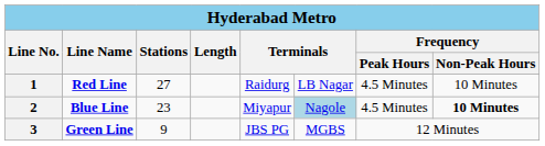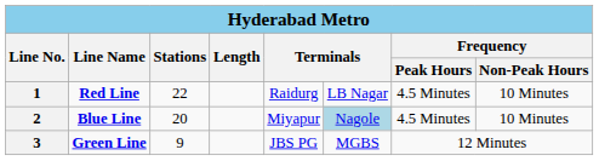 <table class="wikitable sortable" align="center" style="text-align:center; style="font-size:85%;margin:auto">
 <tr>
 <th colspan="8" style="background:skyBlue;"><strong><big>Hyderabad Metro</big></strong></th>
 </tr>
 <tr>
 <th rowspan="2">Line No.</th>
 <th rowspan="2">Line Name</th>
 <th rowspan="2">Stations</th>
 <th rowspan="2">Length</th>
 <th colspan="2" rowspan="2">Terminals</th>
 <th colspan="2">Frequency</th>
 </tr>
 <tr>
 <th>Peak Hours</th>
 <th>Non-Peak Hours</th>
 </tr>
 <tr>
 <th><strong>1</strong></th>
 <td style="background:#"><a href='#'><span><strong>Red Line</strong></span></a></td>
-<td>27</td>
+<td>22</td>
 <td></td>
 <td><a href='#'>Raidurg</a></td>
 <td><a href='#'>LB Nagar</a></td>
 <td>4.5 Minutes</td>
 <td>10 Minutes</td>
 </tr>
 <tr>
 <th><strong>2</strong></th>
 <td style="background:#"><a href='#'><span><strong>Blue Line</strong></span></a></td>
-<td>23</td>
+<td>20</td>
 <td></td>
 <td><a href='#'>Miyapur</a></td>
 <td style="background: lightblue;"><a href='#'>Nagole</a></td>
 <td>4.5 Minutes</td>
-<td><strong>10 Minutes</strong></td>
+<td>10 Minutes</td>
 </tr>
 <tr>
 <th><strong>3</strong></th>
 <td style="background:#"><a href='#'><span><strong>Green Line</strong></span></a></td>
 <td>9</td>
 <td></td>
 <td><a href='#'>JBS PG</a></td>
 <td><a href='#'>MGBS</a></td>
 <td colspan="2">12 Minutes</td>
 </tr>
 </table>
